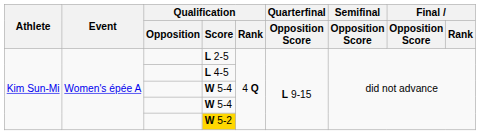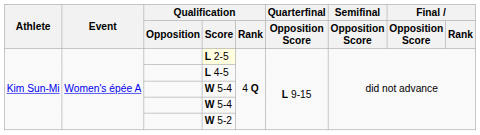 <table class=wikitable>
 <tr>
 <th rowspan="2">Athlete</th>
 <th rowspan="2">Event</th>
 <th colspan="3">Qualification</th>
 <th>Quarterfinal</th>
 <th>Semifinal</th>
 <th colspan="2">Final / </th>
 </tr>
 <tr>
 <th>Opposition</th>
 <th>Score</th>
 <th>Rank</th>
 <th>Opposition<br>Score</th>
 <th>Opposition<br>Score</th>
 <th>Opposition<br>Score</th>
 <th>Rank</th>
 </tr>
 <tr>
 <td rowspan=5><a href='#'>Kim Sun-Mi</a></td>
 <td rowspan=5><a href='#'>Women's épée A</a></td>
 <td></td>
-<td><strong>L</strong> 2-5</td>
+<td style="background: lightyellow;"><strong>L</strong> 2-5</td>
 <td align="center" rowspan=5>4 <strong>Q</strong></td>
 <td align="center" rowspan=5><br><strong>L</strong> 9-15</td>
 <td align="center" rowspan=5 colspan=3>did not advance</td>
 </tr>
 <tr>
 <td></td>
 <td><strong>L</strong> 4-5</td>
 </tr>
 <tr>
 <td></td>
 <td><strong>W</strong> 5-4</td>
 </tr>
 <tr>
 <td></td>
 <td><strong>W</strong> 5-4</td>
 </tr>
 <tr>
 <td></td>
-<td style="background: gold;"><strong>W</strong> 5-2</td>
+<td><strong>W</strong> 5-2</td>
 </tr>
 </table>
